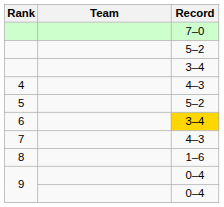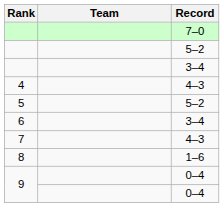 <table class="wikitable" style="text-align: center;">
 <tr>
 <th width=40>Rank</th>
 <th width=180>Team</th>
 <th width=60>Record</th>
 </tr>
 <tr bgcolor="#ccffcc">
 <td></td>
 <td align="left"></td>
 <td>7–0</td>
 </tr>
 <tr>
 <td></td>
 <td align="left"></td>
 <td>5–2</td>
 </tr>
 <tr>
 <td></td>
 <td align="left"></td>
 <td>3–4</td>
 </tr>
 <tr>
 <td>4</td>
 <td align="left"></td>
 <td>4–3</td>
 </tr>
 <tr>
 <td>5</td>
 <td align="left"></td>
 <td>5–2</td>
 </tr>
 <tr>
 <td>6</td>
 <td align="left"></td>
-<td style="background: gold;">3–4</td>
+<td>3–4</td>
 </tr>
 <tr>
 <td>7</td>
 <td align="left"></td>
 <td>4–3</td>
 </tr>
 <tr>
 <td>8</td>
 <td align="left"></td>
 <td>1–6</td>
 </tr>
 <tr>
 <td rowspan=2>9</td>
 <td align="left"></td>
 <td>0–4</td>
 </tr>
 <tr>
 <td align="left"></td>
 <td>0–4</td>
 </tr>
 </table>
